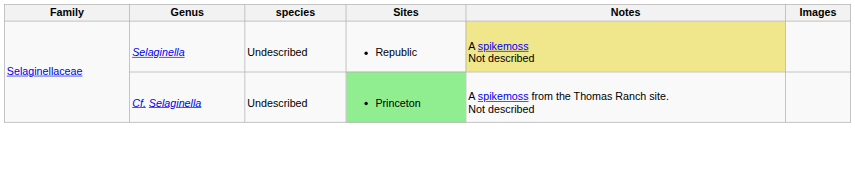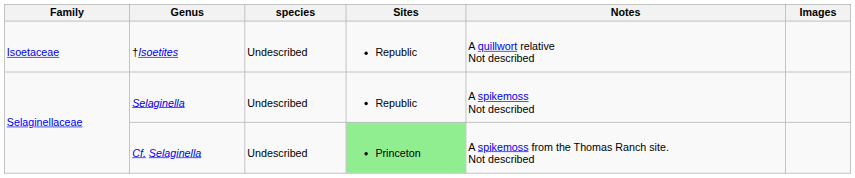 <table class="wikitable sortable mw-collapsible" style="margin:auto; width:100%">
 <tr>
 <th>Family</th>
 <th>Genus</th>
 <th>species</th>
 <th>Sites</th>
 <th>Notes</th>
 <th>Images</th>
 </tr>
 <tr>
+<td><br><a href='#'>Isoetaceae</a></td>
+<td><br>†<em><a href='#'>Isoetites</a></em></td>
+<td><br>Undescribed</td>
+<td><br><ul><li>Republic</li></ul></td>
+<td><br>A <a href='#'>quillwort</a> relative<br>Not described</td>
+<td><br></td>
+</tr>
+<tr>
 <td rowspan=2><a href='#'>Selaginellaceae</a></td>
 <td><br><em><a href='#'>Selaginella</a></em></td>
 <td><br>Undescribed</td>
 <td><br><ul><li>Republic</li></ul></td>
-<td style="background: khaki;"><br>A <a href='#'>spikemoss</a> <br>Not described</td>
+<td><br>A <a href='#'>spikemoss</a> <br>Not described</td>
 <td><br></td>
 </tr>
 <tr>
 <td><br><em><a href='#'>Cf.</a></em> <em><a href='#'>Selaginella</a></em></td>
 <td><br>Undescribed</td>
 <td style="background: lightgreen;"><br><ul><li>Princeton</li></ul></td>
 <td><br>A <a href='#'>spikemoss</a> from the Thomas Ranch site.<br>Not described</td>
 <td></td>
 </tr>
 </table>
